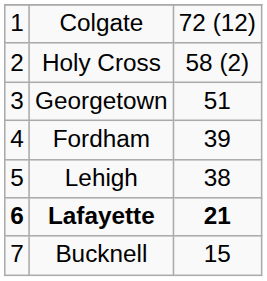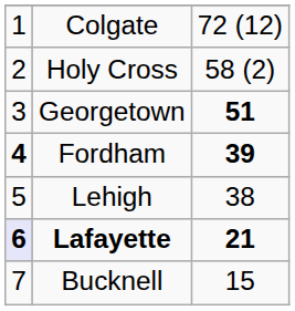 <table class="wikitable">
 <tr align="center">
 </tr>
 <tr align="center">
 <td>1</td>
 <td>Colgate</td>
 <td>72 (12)</td>
 </tr>
 <tr align="center">
 <td>2</td>
 <td>Holy Cross</td>
 <td>58 (2)</td>
 </tr>
 <tr align="center">
 <td>3</td>
 <td>Georgetown</td>
-<td>51</td>
+<td><strong>51</strong></td>
 </tr>
 <tr align="center">
-<td>4</td>
+<td><strong>4</strong></td>
 <td>Fordham</td>
-<td>39</td>
+<td><strong>39</strong></td>
 </tr>
 <tr align="center">
 <td>5</td>
 <td>Lehigh</td>
 <td>38</td>
 </tr>
 <tr align="center">
-<td><strong>6</strong></td>
+<td style="background: lavender;"><strong>6</strong></td>
 <td><strong>Lafayette</strong></td>
 <td><strong>21</strong></td>
 </tr>
 <tr align="center">
 <td>7</td>
 <td>Bucknell</td>
 <td>15</td>
 </tr>
 </table>
